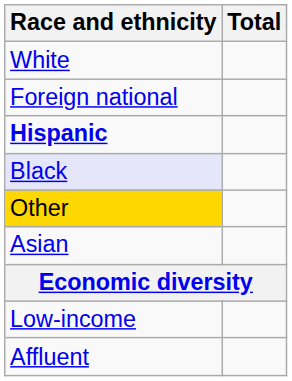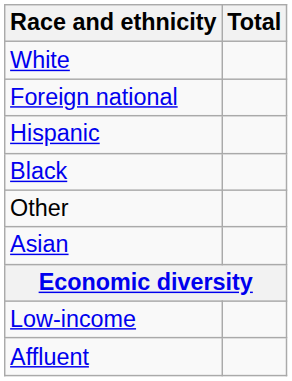 <table class="wikitable floatright sortable collapsible"; text-align:right; font-size:80%;">
 <tr>
 <th>Race and ethnicity</th>
 <th colspan="2" data-sort-type=number>Total</th>
 </tr>
 <tr>
 <td><a href='#'>White</a></td>
 <td align=right></td>
 </tr>
 <tr>
 <td><a href='#'>Foreign national</a></td>
 <td align=right></td>
 </tr>
 <tr>
-<td><strong><a href='#'>Hispanic</a></strong></td>
+<td><a href='#'>Hispanic</a></td>
 <td align=right></td>
 </tr>
 <tr>
-<td style="background: lavender;"><a href='#'>Black</a></td>
+<td><a href='#'>Black</a></td>
 <td align=right></td>
 </tr>
 <tr>
-<td style="background: gold;">Other</td>
+<td>Other</td>
 <td align=right></td>
 </tr>
 <tr>
 <td><a href='#'>Asian</a></td>
 <td align=right></td>
 </tr>
 <tr>
 <th colspan="4" data-sort-type=number><a href='#'>Economic diversity</a></th>
 </tr>
 <tr>
 <td><a href='#'>Low-income</a></td>
 <td align=right></td>
 </tr>
 <tr>
 <td><a href='#'>Affluent</a></td>
 <td align=right></td>
 </tr>
 </table>
